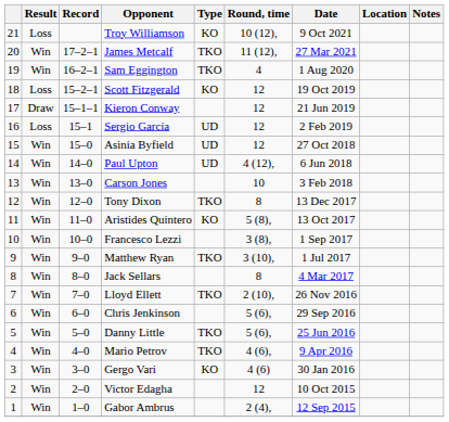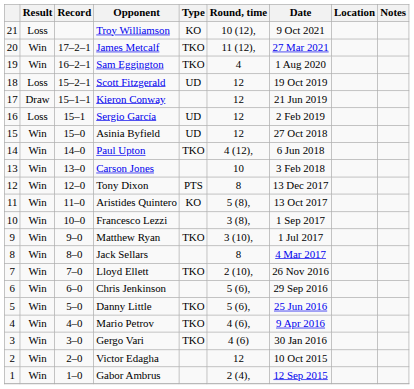 <table class="wikitable" style="text-align:center">
 <tr>
 <th></th>
 <th>Result</th>
 <th>Record</th>
 <th>Opponent</th>
 <th>Type</th>
 <th>Round, time</th>
 <th>Date</th>
 <th>Location</th>
 <th>Notes</th>
 </tr>
 <tr>
 <td>21</td>
 <td>Loss</td>
 <td></td>
 <td style="text-align:left;"><a href='#'>Troy Williamson</a></td>
 <td>KO</td>
 <td>10 (12), </td>
 <td>9 Oct 2021</td>
 <td style="text-align:left;"></td>
 <td style="text-align:left;"></td>
 </tr>
 <tr>
 <td>20</td>
 <td>Win</td>
 <td>17–2–1</td>
 <td style="text-align:left;"><a href='#'>James Metcalf</a></td>
 <td>TKO</td>
 <td>11 (12), </td>
 <td><a href='#'>27 Mar 2021</a></td>
 <td style="text-align:left;"></td>
 <td style="text-align:left;"></td>
 </tr>
 <tr>
 <td>19</td>
 <td>Win</td>
 <td>16–2–1</td>
 <td align=left><a href='#'>Sam Eggington</a></td>
 <td>TKO</td>
 <td>4</td>
 <td>1 Aug 2020</td>
 <td style="text-align:left;"></td>
 <td style="text-align:left;"></td>
 </tr>
 <tr>
 <td>18</td>
 <td>Loss</td>
 <td>15–2–1</td>
 <td style="text-align:left;"><a href='#'>Scott Fitzgerald</a></td>
-<td>KO</td>
+<td>UD</td>
 <td>12</td>
 <td>19 Oct 2019</td>
 <td style="text-align:left;"></td>
 <td style="text-align:left;"></td>
 </tr>
 <tr>
 <td>17</td>
 <td>Draw</td>
 <td>15–1–1</td>
 <td style="text-align:left;"><a href='#'>Kieron Conway</a></td>
 <td></td>
 <td>12</td>
 <td>21 Jun 2019</td>
 <td style="text-align:left;"></td>
 <td style="text-align:left;"></td>
 </tr>
 <tr>
 <td>16</td>
 <td>Loss</td>
 <td>15–1</td>
 <td style="text-align:left;"><a href='#'>Sergio García</a></td>
 <td>UD</td>
 <td>12</td>
 <td>2 Feb 2019</td>
 <td style="text-align:left;"></td>
 <td style="text-align:left;"></td>
 </tr>
 <tr>
 <td>15</td>
 <td>Win</td>
 <td>15–0</td>
 <td style="text-align:left;">Asinia Byfield</td>
 <td>UD</td>
 <td>12</td>
 <td>27 Oct 2018</td>
 <td style="text-align:left;"></td>
 <td style="text-align:left;"></td>
 </tr>
 <tr>
 <td>14</td>
 <td>Win</td>
 <td>14–0</td>
 <td style="text-align:left;"><a href='#'>Paul Upton</a></td>
-<td>UD</td>
+<td>TKO</td>
 <td>4 (12), </td>
 <td>6 Jun 2018</td>
 <td style="text-align:left;"></td>
 <td style="text-align:left;"></td>
 </tr>
 <tr>
 <td>13</td>
 <td>Win</td>
 <td>13–0</td>
 <td style="text-align:left;"><a href='#'>Carson Jones</a></td>
 <td></td>
 <td>10</td>
 <td>3 Feb 2018</td>
 <td style="text-align:left;"></td>
 <td style="text-align:left;"></td>
 </tr>
 <tr>
 <td>12</td>
 <td>Win</td>
 <td>12–0</td>
 <td style="text-align:left;">Tony Dixon</td>
-<td>TKO</td>
+<td>PTS</td>
 <td>8</td>
 <td>13 Dec 2017</td>
 <td style="text-align:left;"></td>
 <td></td>
 </tr>
 <tr>
 <td>11</td>
 <td>Win</td>
 <td>11–0</td>
 <td style="text-align:left;">Aristides Quintero</td>
 <td>KO</td>
 <td>5 (8), </td>
 <td>13 Oct 2017</td>
 <td style="text-align:left;"></td>
 <td></td>
 </tr>
 <tr>
 <td>10</td>
 <td>Win</td>
 <td>10–0</td>
 <td style="text-align:left;">Francesco Lezzi</td>
 <td></td>
 <td>3 (8), </td>
 <td>1 Sep 2017</td>
 <td style="text-align:left;"></td>
 <td style="text-align:left;"></td>
 </tr>
 <tr>
 <td>9</td>
 <td>Win</td>
 <td>9–0</td>
 <td style="text-align:left;">Matthew Ryan</td>
 <td>TKO</td>
 <td>3 (10), </td>
 <td>1 Jul 2017</td>
 <td style="text-align:left;"></td>
 <td style="text-align:left;"></td>
 </tr>
 <tr>
 <td>8</td>
 <td>Win</td>
 <td>8–0</td>
 <td style="text-align:left;">Jack Sellars</td>
 <td></td>
 <td>8</td>
 <td><a href='#'>4 Mar 2017</a></td>
 <td style="text-align:left;"></td>
 <td></td>
 </tr>
 <tr>
 <td>7</td>
 <td>Win</td>
 <td>7–0</td>
 <td style="text-align:left;">Lloyd Ellett</td>
 <td>TKO</td>
 <td>2 (10), </td>
 <td>26 Nov 2016</td>
 <td style="text-align:left;"></td>
 <td></td>
 </tr>
 <tr>
 <td>6</td>
 <td>Win</td>
 <td>6–0</td>
 <td style="text-align:left;">Chris Jenkinson</td>
 <td></td>
 <td>5 (6), </td>
 <td>29 Sep 2016</td>
 <td style="text-align:left;"></td>
 <td></td>
 </tr>
 <tr>
 <td>5</td>
 <td>Win</td>
 <td>5–0</td>
 <td style="text-align:left;">Danny Little</td>
 <td>TKO</td>
 <td>5 (6), </td>
 <td><a href='#'>25 Jun 2016</a></td>
 <td style="text-align:left;"></td>
 <td></td>
 </tr>
 <tr>
 <td>4</td>
 <td>Win</td>
 <td>4–0</td>
 <td style="text-align:left;">Mario Petrov</td>
 <td>TKO</td>
 <td>4 (6), </td>
 <td><a href='#'>9 Apr 2016</a></td>
 <td style="text-align:left;"></td>
 <td></td>
 </tr>
 <tr>
 <td>3</td>
 <td>Win</td>
 <td>3–0</td>
 <td style="text-align:left;">Gergo Vari</td>
-<td>KO</td>
+<td>TKO</td>
 <td>4 (6) </td>
 <td>30 Jan 2016</td>
 <td style="text-align:left;"></td>
 <td></td>
 </tr>
 <tr>
 <td>2</td>
 <td>Win</td>
 <td>2–0</td>
 <td style="text-align:left;">Victor Edagha</td>
 <td></td>
 <td>12</td>
 <td>10 Oct 2015</td>
 <td style="text-align:left;"></td>
 <td></td>
 </tr>
 <tr>
 <td>1</td>
 <td>Win</td>
 <td>1–0</td>
 <td style="text-align:left;">Gabor Ambrus</td>
 <td></td>
 <td>2 (4), </td>
 <td><a href='#'>12 Sep 2015</a></td>
 <td style="text-align:left;"></td>
 <td></td>
 </tr>
 <tr>
 </tr>
 </table>
